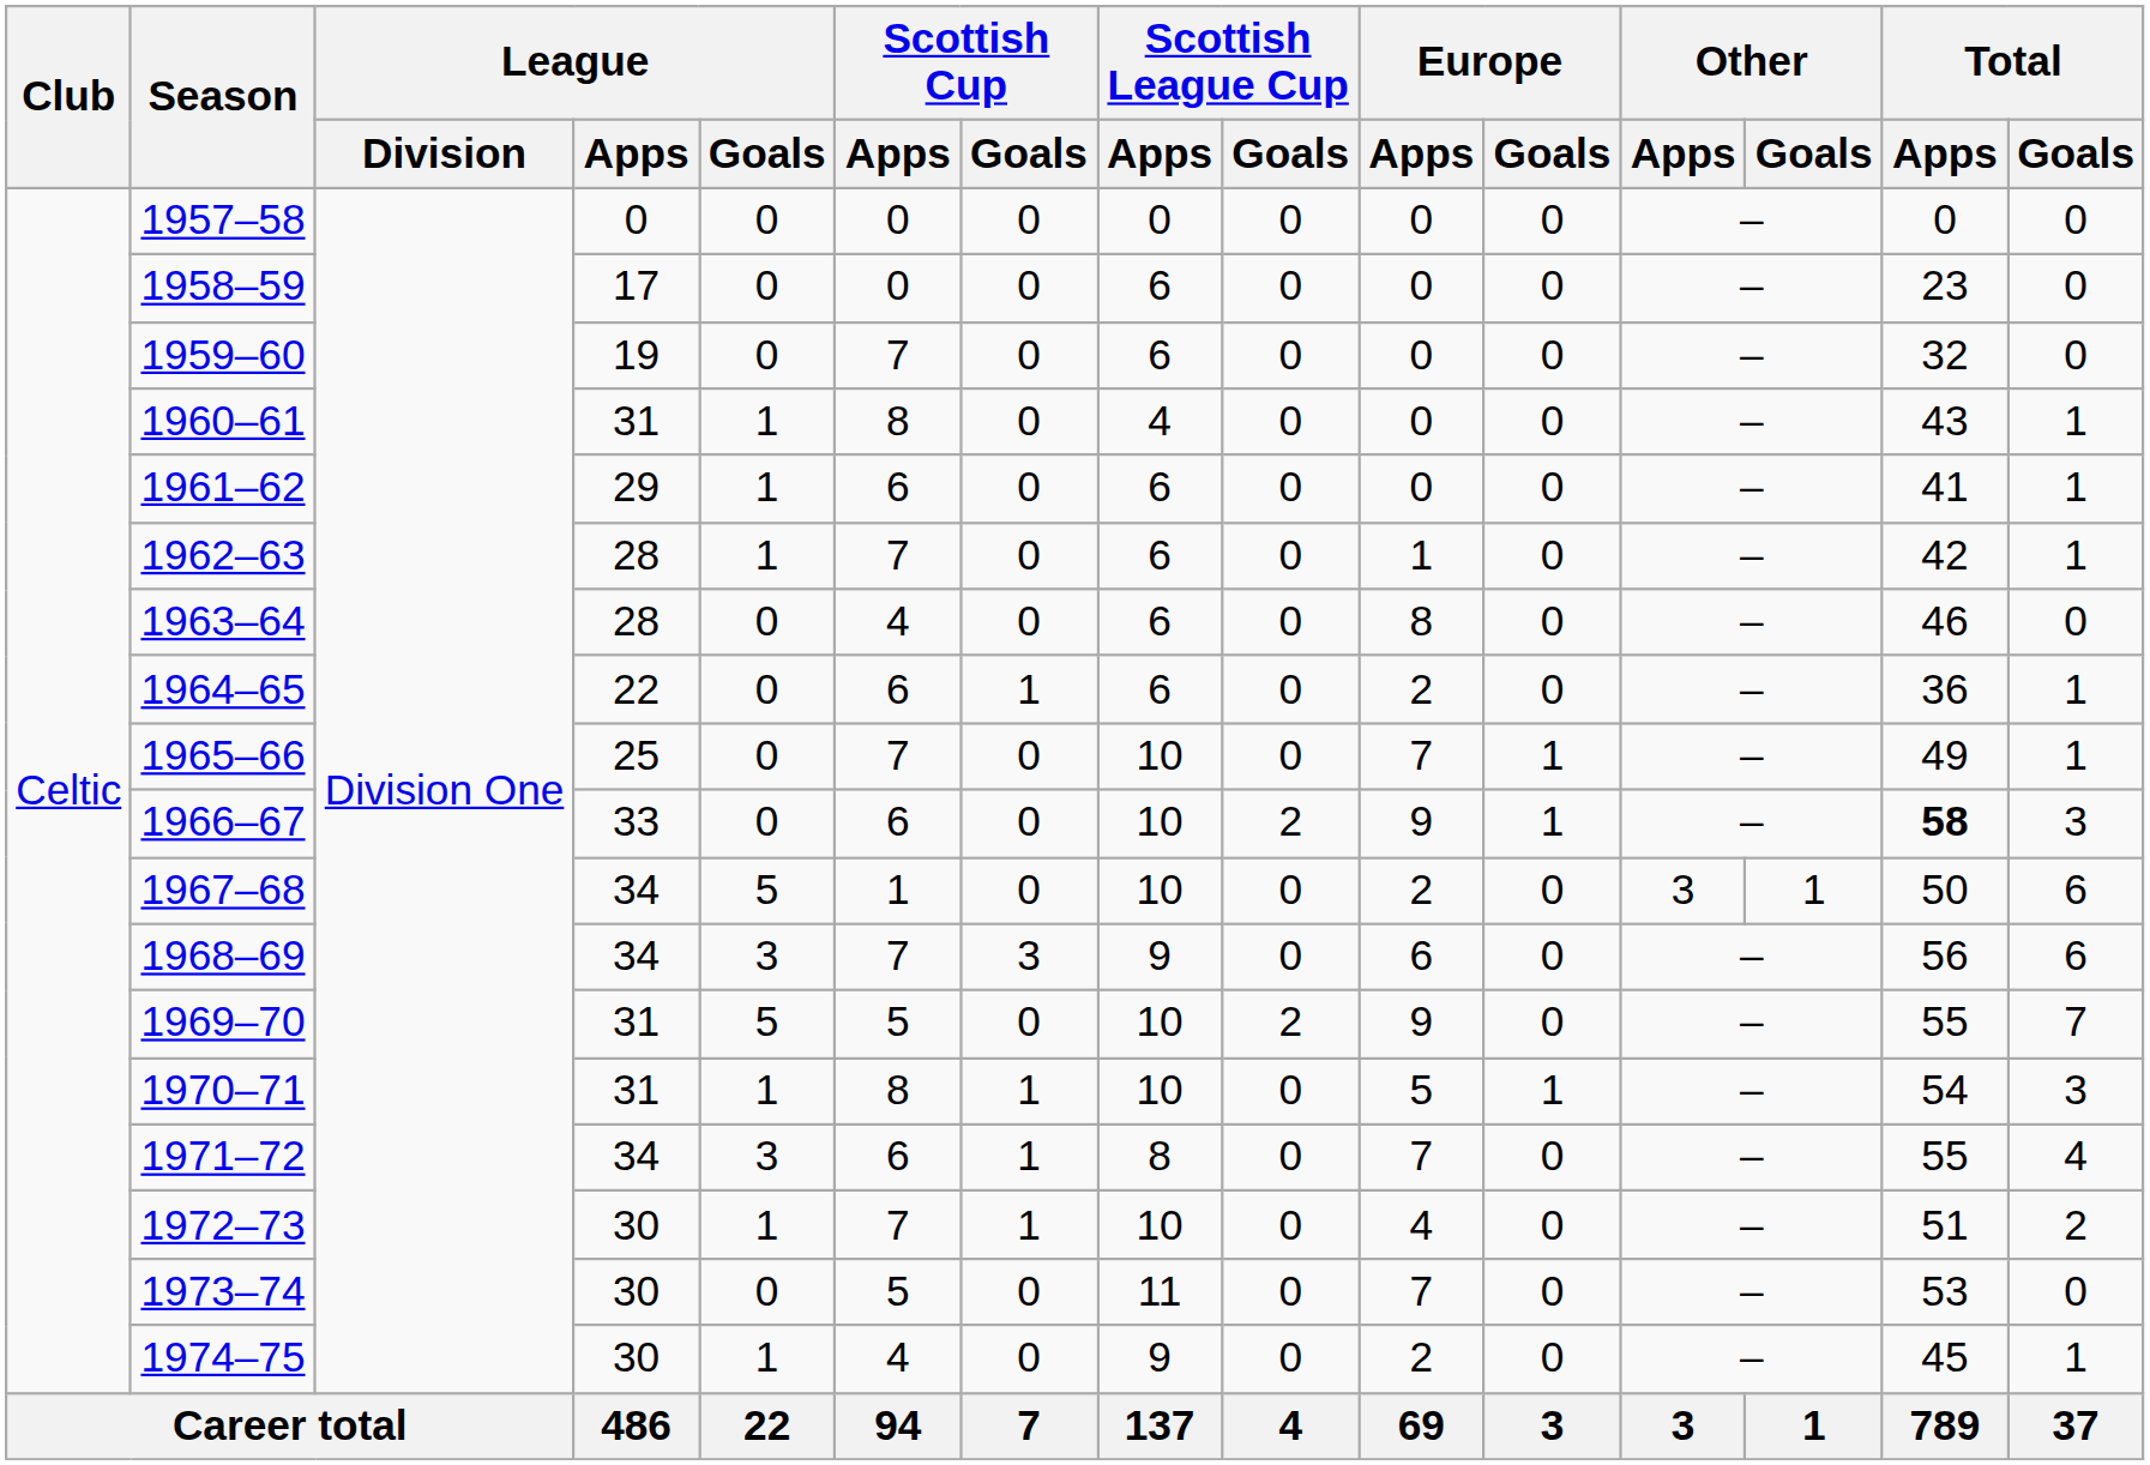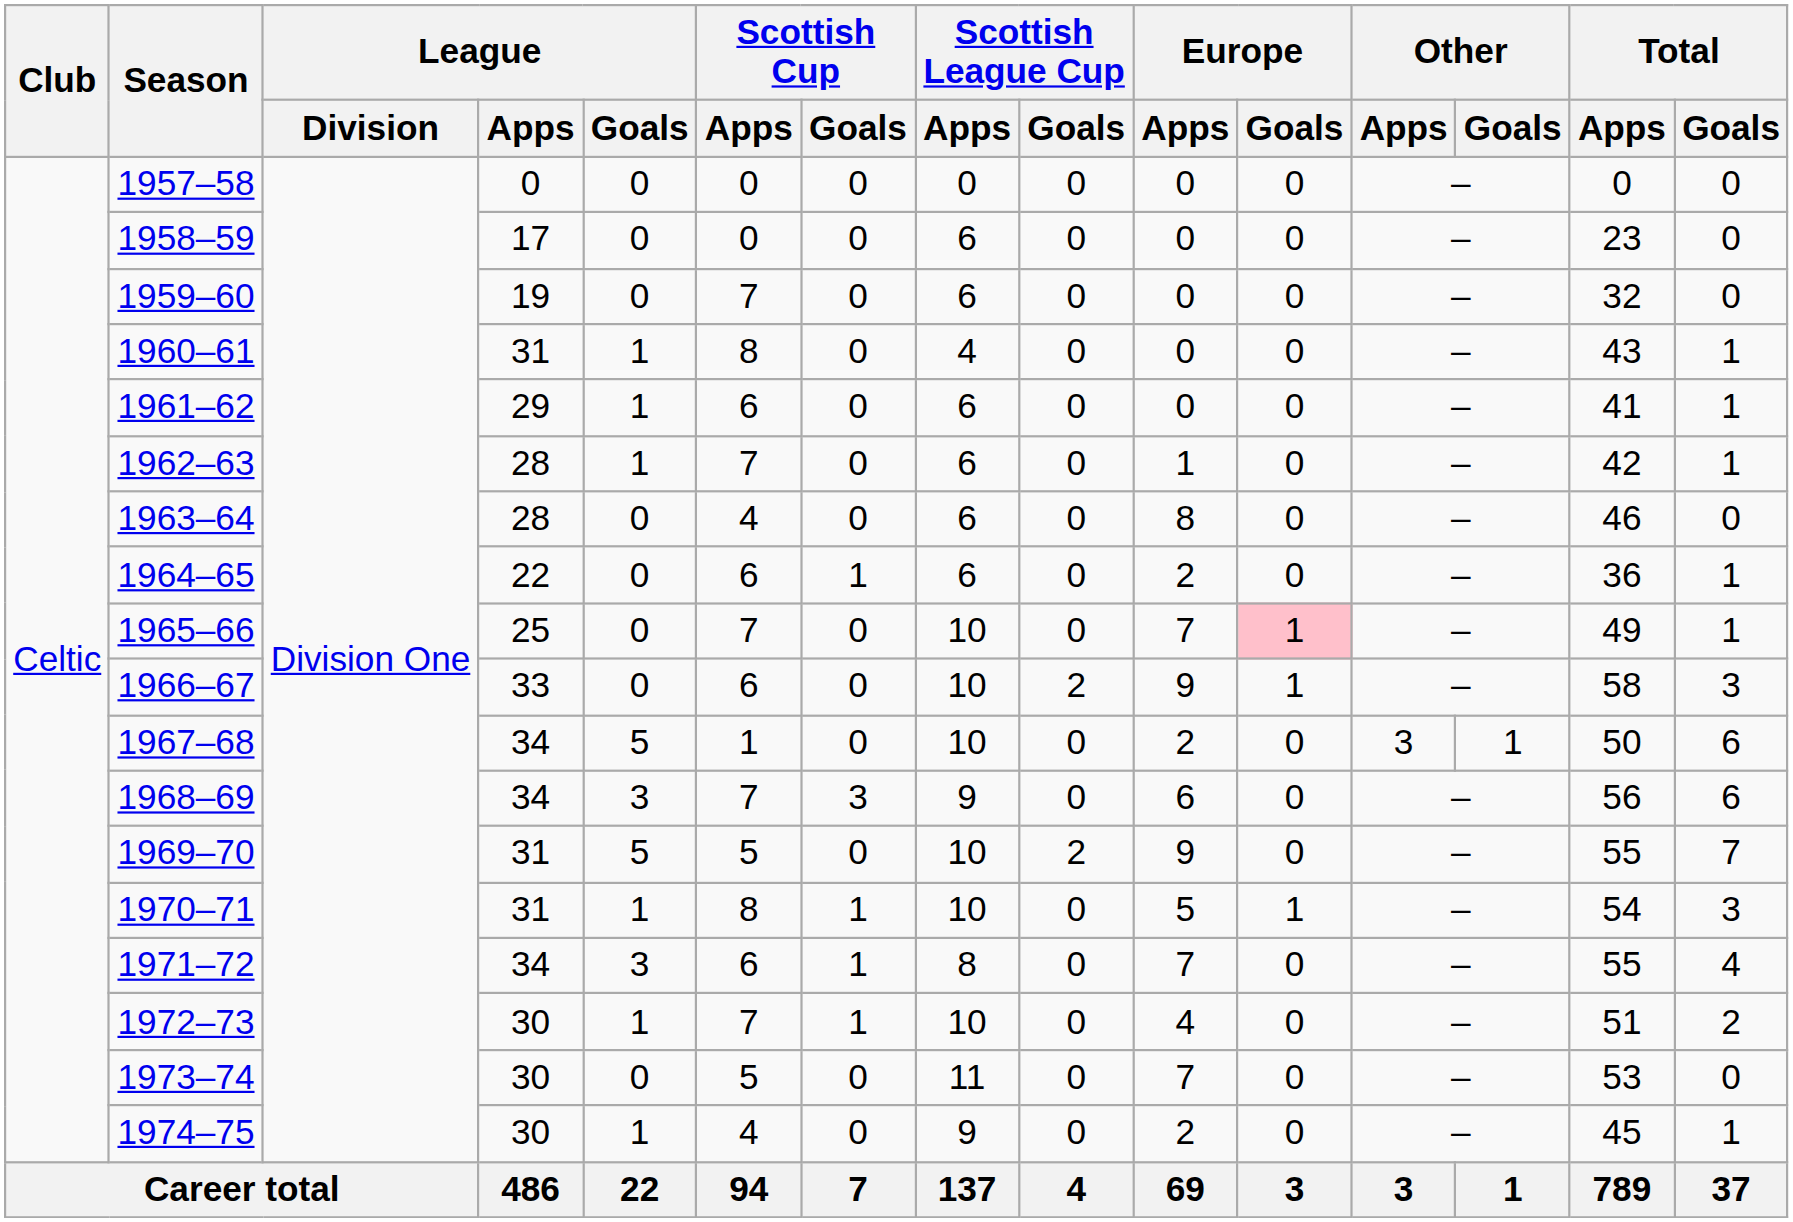 <table class="wikitable" style="text-align:center">
 <tr>
 <th rowspan="2">Club</th>
 <th rowspan="2">Season</th>
 <th colspan="3">League</th>
 <th colspan="2"><a href='#'>Scottish Cup</a></th>
 <th colspan="2"><a href='#'>Scottish League Cup</a></th>
 <th colspan="2">Europe</th>
 <th colspan="2">Other</th>
 <th colspan="2">Total</th>
 </tr>
 <tr>
 <th>Division</th>
 <th width="40">Apps</th>
 <th width="40">Goals</th>
 <th width="40">Apps</th>
 <th width="40">Goals</th>
 <th width="40">Apps</th>
 <th width="40">Goals</th>
 <th width="40">Apps</th>
 <th width="40">Goals</th>
 <th width="40">Apps</th>
 <th width="40">Goals</th>
 <th width="40">Apps</th>
 <th width="40">Goals</th>
 </tr>
 <tr>
 <td rowspan="18"><a href='#'>Celtic</a></td>
 <td><a href='#'>1957–58</a></td>
 <td rowspan="18"><a href='#'>Division One</a></td>
 <td>0</td>
 <td>0</td>
 <td>0</td>
 <td>0</td>
 <td>0</td>
 <td>0</td>
 <td>0</td>
 <td>0</td>
 <td colspan="2">–</td>
 <td>0</td>
 <td>0</td>
 </tr>
 <tr>
 <td><a href='#'>1958–59</a></td>
 <td>17</td>
 <td>0</td>
 <td>0</td>
 <td>0</td>
 <td>6</td>
 <td>0</td>
 <td>0</td>
 <td>0</td>
 <td colspan="2">–</td>
 <td>23</td>
 <td>0</td>
 </tr>
 <tr>
 <td><a href='#'>1959–60</a></td>
 <td>19</td>
 <td>0</td>
 <td>7</td>
 <td>0</td>
 <td>6</td>
 <td>0</td>
 <td>0</td>
 <td>0</td>
 <td colspan="2">–</td>
 <td>32</td>
 <td>0</td>
 </tr>
 <tr>
 <td><a href='#'>1960–61</a></td>
 <td>31</td>
 <td>1</td>
 <td>8</td>
 <td>0</td>
 <td>4</td>
 <td>0</td>
 <td>0</td>
 <td>0</td>
 <td colspan="2">–</td>
 <td>43</td>
 <td>1</td>
 </tr>
 <tr>
 <td><a href='#'>1961–62</a></td>
 <td>29</td>
 <td>1</td>
 <td>6</td>
 <td>0</td>
 <td>6</td>
 <td>0</td>
 <td>0</td>
 <td>0</td>
 <td colspan="2">–</td>
 <td>41</td>
 <td>1</td>
 </tr>
 <tr>
 <td><a href='#'>1962–63</a></td>
 <td>28</td>
 <td>1</td>
 <td>7</td>
 <td>0</td>
 <td>6</td>
 <td>0</td>
 <td>1</td>
 <td>0</td>
 <td colspan="2">–</td>
 <td>42</td>
 <td>1</td>
 </tr>
 <tr>
 <td><a href='#'>1963–64</a></td>
 <td>28</td>
 <td>0</td>
 <td>4</td>
 <td>0</td>
 <td>6</td>
 <td>0</td>
 <td>8</td>
 <td>0</td>
 <td colspan="2">–</td>
 <td>46</td>
 <td>0</td>
 </tr>
 <tr>
 <td><a href='#'>1964–65</a></td>
 <td>22</td>
 <td>0</td>
 <td>6</td>
 <td>1</td>
 <td>6</td>
 <td>0</td>
 <td>2</td>
 <td>0</td>
 <td colspan="2">–</td>
 <td>36</td>
 <td>1</td>
 </tr>
 <tr>
 <td><a href='#'>1965–66</a></td>
 <td>25</td>
 <td>0</td>
 <td>7</td>
 <td>0</td>
 <td>10</td>
 <td>0</td>
 <td>7</td>
-<td>1</td>
+<td style="background: pink;">1</td>
 <td colspan="2">–</td>
 <td>49</td>
 <td>1</td>
 </tr>
 <tr>
 <td><a href='#'>1966–67</a></td>
 <td>33</td>
 <td>0</td>
 <td>6</td>
 <td>0</td>
 <td>10</td>
 <td>2</td>
 <td>9</td>
 <td>1</td>
 <td colspan="2">–</td>
-<td><strong>58</strong></td>
+<td>58</td>
 <td>3</td>
 </tr>
 <tr>
 <td><a href='#'>1967–68</a></td>
 <td>34</td>
 <td>5</td>
 <td>1</td>
 <td>0</td>
 <td>10</td>
 <td>0</td>
 <td>2</td>
 <td>0</td>
 <td>3</td>
 <td>1</td>
 <td>50</td>
 <td>6</td>
 </tr>
 <tr>
 <td><a href='#'>1968–69</a></td>
 <td>34</td>
 <td>3</td>
 <td>7</td>
 <td>3</td>
 <td>9</td>
 <td>0</td>
 <td>6</td>
 <td>0</td>
 <td colspan="2">–</td>
 <td>56</td>
 <td>6</td>
 </tr>
 <tr>
 <td><a href='#'>1969–70</a></td>
 <td>31</td>
 <td>5</td>
 <td>5</td>
 <td>0</td>
 <td>10</td>
 <td>2</td>
 <td>9</td>
 <td>0</td>
 <td colspan="2">–</td>
 <td>55</td>
 <td>7</td>
 </tr>
 <tr>
 <td><a href='#'>1970–71</a></td>
 <td>31</td>
 <td>1</td>
 <td>8</td>
 <td>1</td>
 <td>10</td>
 <td>0</td>
 <td>5</td>
 <td>1</td>
 <td colspan="2">–</td>
 <td>54</td>
 <td>3</td>
 </tr>
 <tr>
 <td><a href='#'>1971–72</a></td>
 <td>34</td>
 <td>3</td>
 <td>6</td>
 <td>1</td>
 <td>8</td>
 <td>0</td>
 <td>7</td>
 <td>0</td>
 <td colspan="2">–</td>
 <td>55</td>
 <td>4</td>
 </tr>
 <tr>
 <td><a href='#'>1972–73</a></td>
 <td>30</td>
 <td>1</td>
 <td>7</td>
 <td>1</td>
 <td>10</td>
 <td>0</td>
 <td>4</td>
 <td>0</td>
 <td colspan="2">–</td>
 <td>51</td>
 <td>2</td>
 </tr>
 <tr>
 <td><a href='#'>1973–74</a></td>
 <td>30</td>
 <td>0</td>
 <td>5</td>
 <td>0</td>
 <td>11</td>
 <td>0</td>
 <td>7</td>
 <td>0</td>
 <td colspan="2">–</td>
 <td>53</td>
 <td>0</td>
 </tr>
 <tr>
 <td><a href='#'>1974–75</a></td>
 <td>30</td>
 <td>1</td>
 <td>4</td>
 <td>0</td>
 <td>9</td>
 <td>0</td>
 <td>2</td>
 <td>0</td>
 <td colspan="2">–</td>
 <td>45</td>
 <td>1</td>
 </tr>
 <tr>
 <th colspan="3">Career total</th>
 <th>486</th>
 <th>22</th>
 <th>94</th>
 <th>7</th>
 <th>137</th>
 <th>4</th>
 <th>69</th>
 <th>3</th>
 <th>3</th>
 <th>1</th>
 <th>789</th>
 <th>37</th>
 </tr>
 </table>
